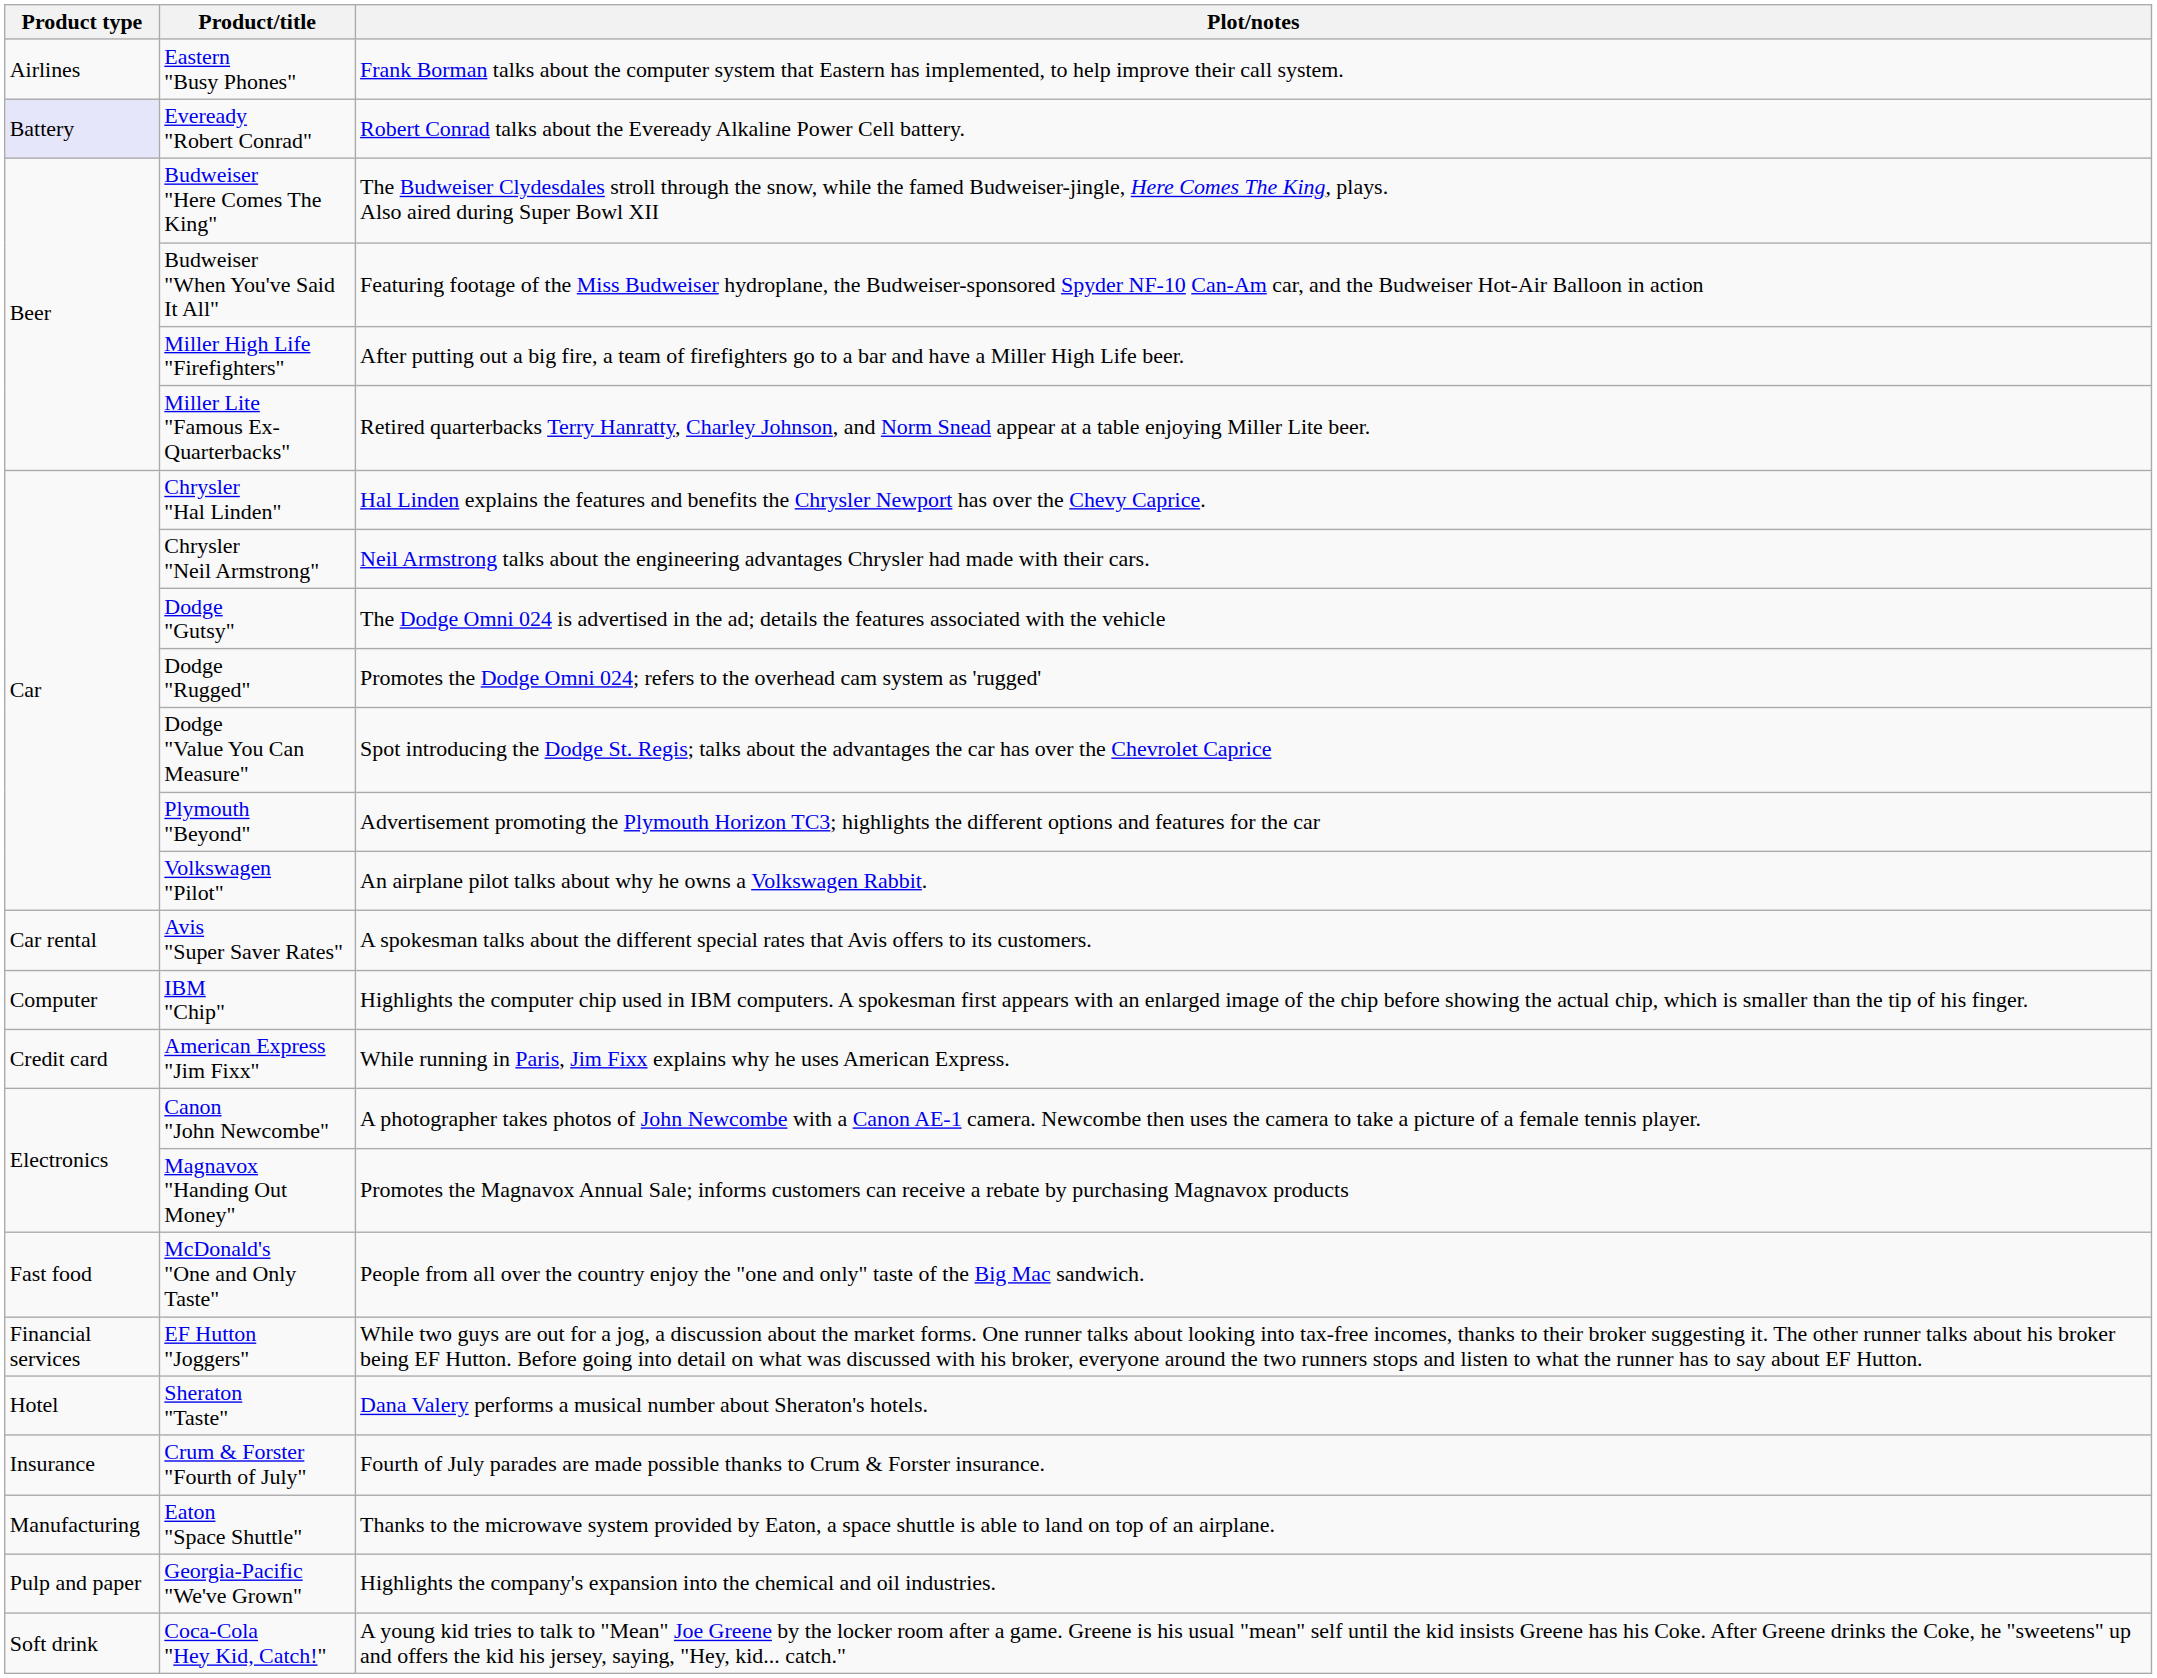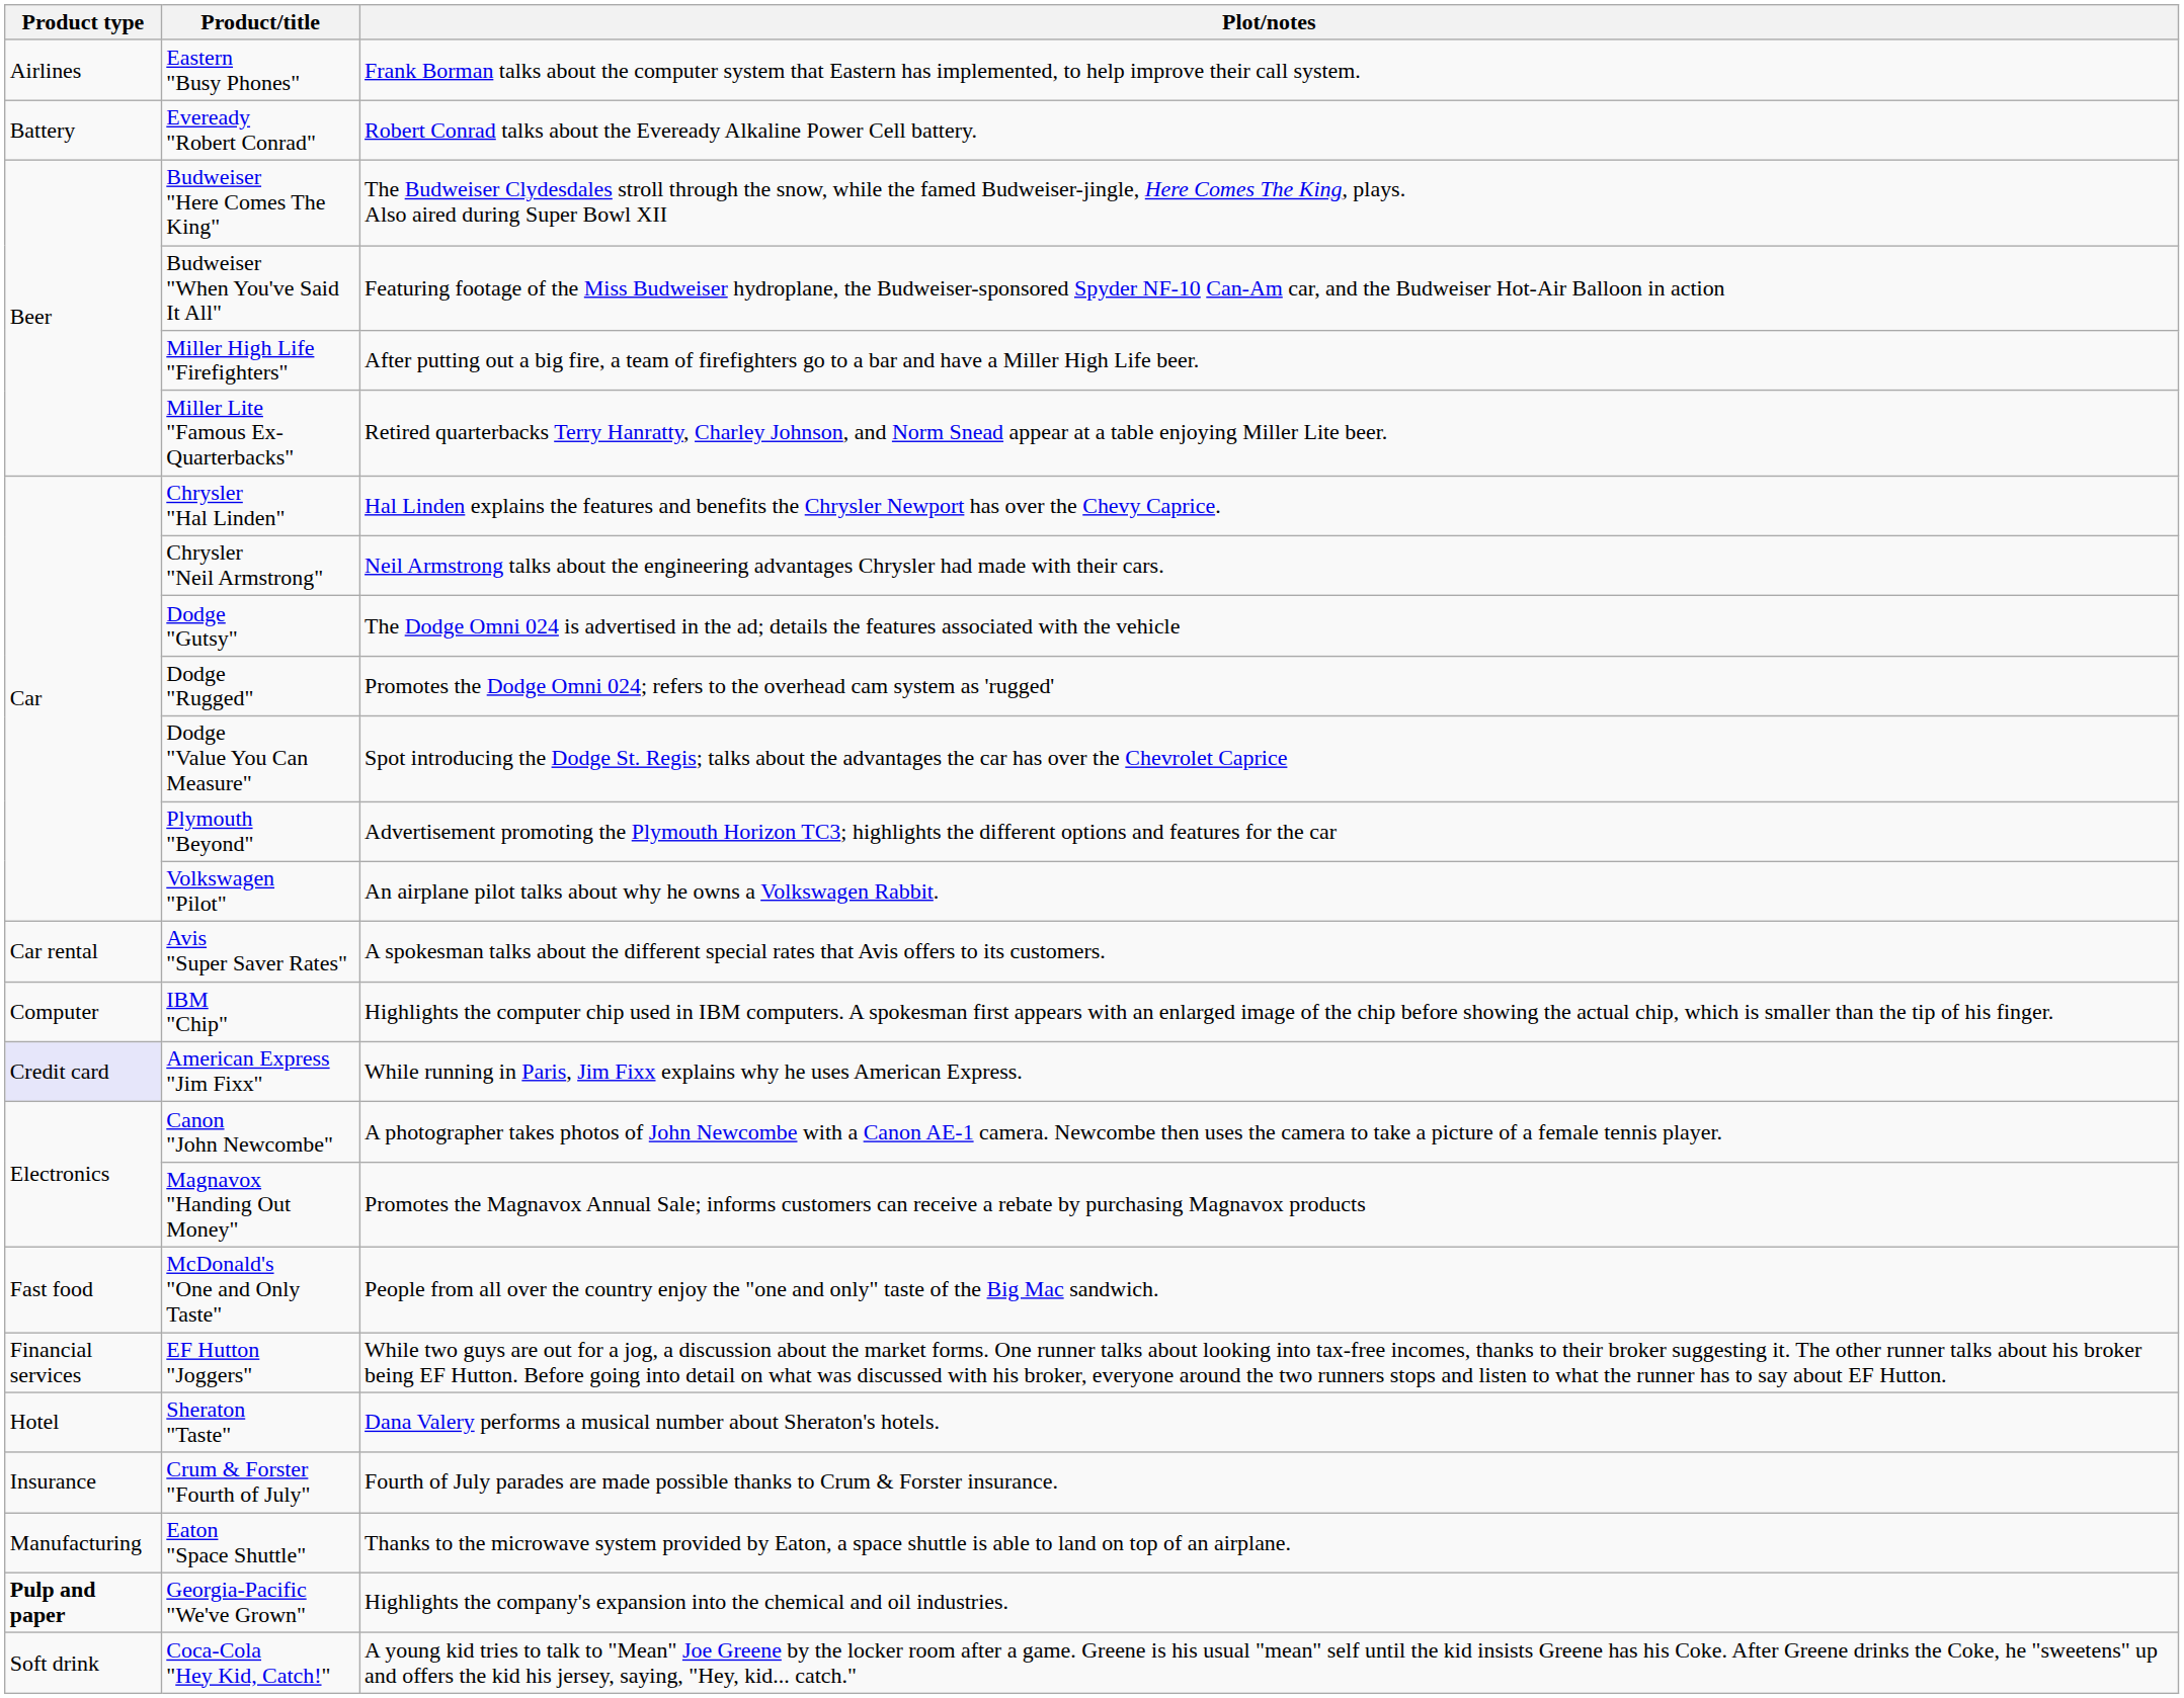 <table class="wikitable">
 <tr>
 <th>Product type</th>
 <th>Product/title</th>
 <th>Plot/notes</th>
 </tr>
 <tr>
 <td>Airlines</td>
 <td><a href='#'>Eastern</a><br>"Busy Phones"</td>
 <td><a href='#'>Frank Borman</a> talks about the computer system that Eastern has implemented, to help improve their call system.</td>
 </tr>
 <tr>
-<td style="background: lavender;">Battery</td>
+<td>Battery</td>
 <td><a href='#'>Eveready</a><br>"Robert Conrad"</td>
 <td><a href='#'>Robert Conrad</a> talks about the Eveready Alkaline Power Cell battery.</td>
 </tr>
 <tr>
 <td rowspan="4">Beer</td>
 <td><a href='#'>Budweiser</a><br>"Here Comes The King"</td>
 <td>The <a href='#'>Budweiser Clydesdales</a> stroll through the snow, while the famed Budweiser-jingle, <em><a href='#'>Here Comes The King</a></em>, plays.<br>Also aired during Super Bowl XII</td>
 </tr>
 <tr>
 <td>Budweiser<br>"When You've Said It All"</td>
 <td>Featuring footage of the <a href='#'>Miss Budweiser</a> hydroplane, the Budweiser-sponsored <a href='#'>Spyder NF-10</a> <a href='#'>Can-Am</a> car, and the Budweiser Hot-Air Balloon in action</td>
 </tr>
 <tr>
 <td><a href='#'>Miller High Life</a><br>"Firefighters"</td>
 <td>After putting out a big fire, a team of firefighters go to a bar and have a Miller High Life beer.</td>
 </tr>
 <tr>
 <td><a href='#'>Miller Lite</a><br>"Famous Ex-Quarterbacks"</td>
 <td>Retired quarterbacks <a href='#'>Terry Hanratty</a>, <a href='#'>Charley Johnson</a>, and <a href='#'>Norm Snead</a> appear at a table enjoying Miller Lite beer.</td>
 </tr>
 <tr>
 <td rowspan="7">Car</td>
 <td><a href='#'>Chrysler</a><br>"Hal Linden"</td>
 <td><a href='#'>Hal Linden</a> explains the features and benefits the <a href='#'>Chrysler Newport</a> has over the <a href='#'>Chevy Caprice</a>.</td>
 </tr>
 <tr>
 <td>Chrysler<br>"Neil Armstrong"</td>
 <td><a href='#'>Neil Armstrong</a> talks about the engineering advantages Chrysler had made with their cars.</td>
 </tr>
 <tr>
 <td><a href='#'>Dodge</a><br>"Gutsy"</td>
 <td>The <a href='#'>Dodge Omni 024</a> is advertised in the ad; details the features associated with the vehicle</td>
 </tr>
 <tr>
 <td>Dodge<br>"Rugged"</td>
 <td>Promotes the <a href='#'>Dodge Omni 024</a>; refers to the overhead cam system as 'rugged'</td>
 </tr>
 <tr>
 <td>Dodge<br>"Value You Can Measure"</td>
 <td>Spot introducing the <a href='#'>Dodge St. Regis</a>; talks about the advantages the car has over the <a href='#'>Chevrolet Caprice</a></td>
 </tr>
 <tr>
 <td><a href='#'>Plymouth</a> <br>"Beyond"</td>
 <td>Advertisement promoting the <a href='#'>Plymouth Horizon TC3</a>; highlights the different options and features for the car</td>
 </tr>
 <tr>
 <td><a href='#'>Volkswagen</a><br>"Pilot"</td>
 <td>An airplane pilot talks about why he owns a <a href='#'>Volkswagen Rabbit</a>.</td>
 </tr>
 <tr>
 <td>Car rental</td>
 <td><a href='#'>Avis</a><br>"Super Saver Rates"</td>
 <td>A spokesman talks about the different special rates that Avis offers to its customers.</td>
 </tr>
 <tr>
 <td>Computer</td>
 <td><a href='#'>IBM</a><br>"Chip"</td>
 <td>Highlights the computer chip used in IBM computers. A spokesman first appears with an enlarged image of the chip before showing the actual chip, which is smaller than the tip of his finger.</td>
 </tr>
 <tr>
-<td>Credit card</td>
+<td style="background: lavender;">Credit card</td>
 <td><a href='#'>American Express</a><br>"Jim Fixx"</td>
 <td>While running in <a href='#'>Paris</a>, <a href='#'>Jim Fixx</a> explains why he uses American Express.</td>
 </tr>
 <tr>
 <td rowspan="2">Electronics</td>
 <td><a href='#'>Canon</a><br>"John Newcombe"</td>
 <td>A photographer takes photos of <a href='#'>John Newcombe</a> with a <a href='#'>Canon AE-1</a> camera. Newcombe then uses the camera to take a picture of a female tennis player.</td>
 </tr>
 <tr>
 <td><a href='#'>Magnavox</a><br>"Handing Out Money"</td>
 <td>Promotes the Magnavox Annual Sale; informs customers can receive a rebate by purchasing Magnavox products</td>
 </tr>
 <tr>
 <td>Fast food</td>
 <td><a href='#'>McDonald's</a><br>"One and Only Taste"</td>
 <td>People from all over the country enjoy the "one and only" taste of the <a href='#'>Big Mac</a> sandwich.</td>
 </tr>
 <tr>
 <td>Financial services</td>
 <td><a href='#'>EF Hutton</a><br>"Joggers"</td>
 <td>While two guys are out for a jog, a discussion about the market forms. One runner talks about looking into tax-free incomes, thanks to their broker suggesting it. The other runner talks about his broker being EF Hutton. Before going into detail on what was discussed with his broker, everyone around the two runners stops and listen to what the runner has to say about EF Hutton.</td>
 </tr>
 <tr>
 <td>Hotel</td>
 <td><a href='#'>Sheraton</a><br>"Taste"</td>
 <td><a href='#'>Dana Valery</a> performs a musical number about Sheraton's hotels.</td>
 </tr>
 <tr>
 <td>Insurance</td>
 <td><a href='#'>Crum & Forster</a><br>"Fourth of July"</td>
 <td>Fourth of July parades are made possible thanks to Crum & Forster insurance.</td>
 </tr>
 <tr>
 <td>Manufacturing</td>
 <td><a href='#'>Eaton</a><br>"Space Shuttle"</td>
 <td>Thanks to the microwave system provided by Eaton, a space shuttle is able to land on top of an airplane.</td>
 </tr>
 <tr>
-<td>Pulp and paper</td>
+<td><strong>Pulp and paper</strong></td>
 <td><a href='#'>Georgia-Pacific</a><br>"We've Grown"</td>
 <td>Highlights the company's expansion into the chemical and oil industries.</td>
 </tr>
 <tr>
 <td>Soft drink</td>
 <td><a href='#'>Coca-Cola</a><br>"<a href='#'>Hey Kid, Catch!</a>"</td>
 <td>A young kid tries to talk to "Mean" <a href='#'>Joe Greene</a> by the locker room after a game. Greene is his usual "mean" self until the kid insists Greene has his Coke.  After Greene drinks the Coke, he "sweetens" up and offers the kid his jersey, saying, "Hey, kid... catch."</td>
 </tr>
 </table>
